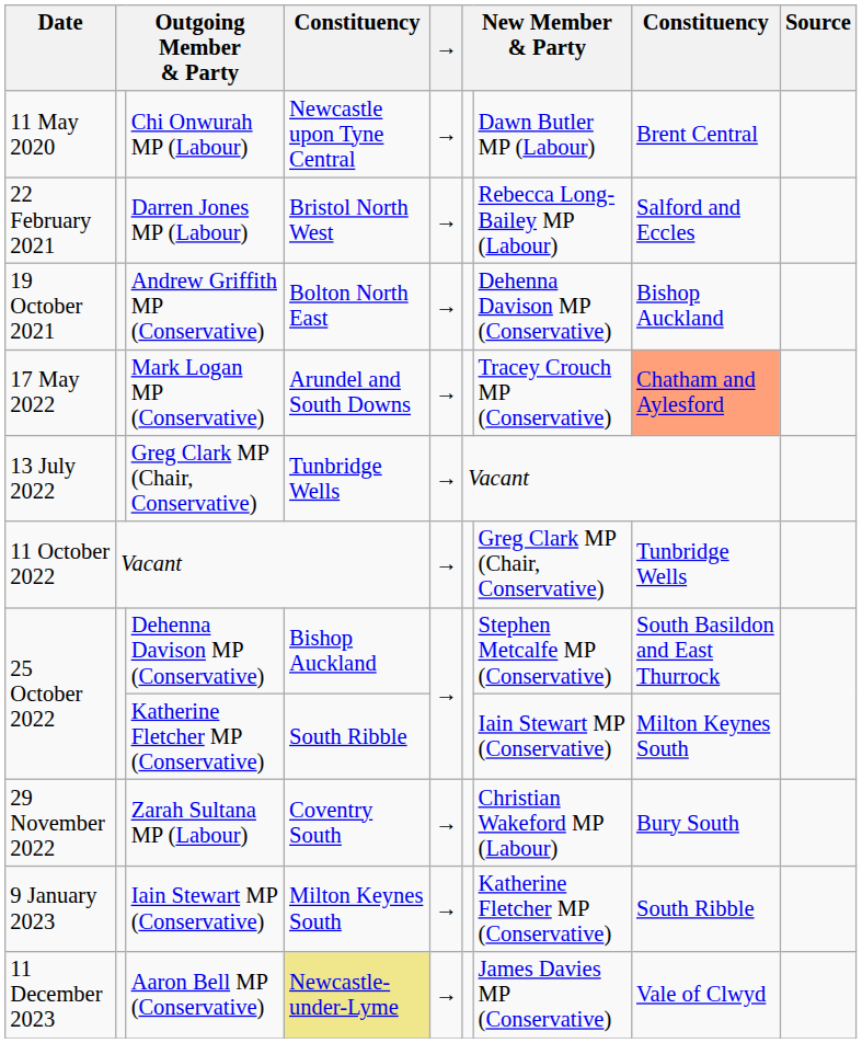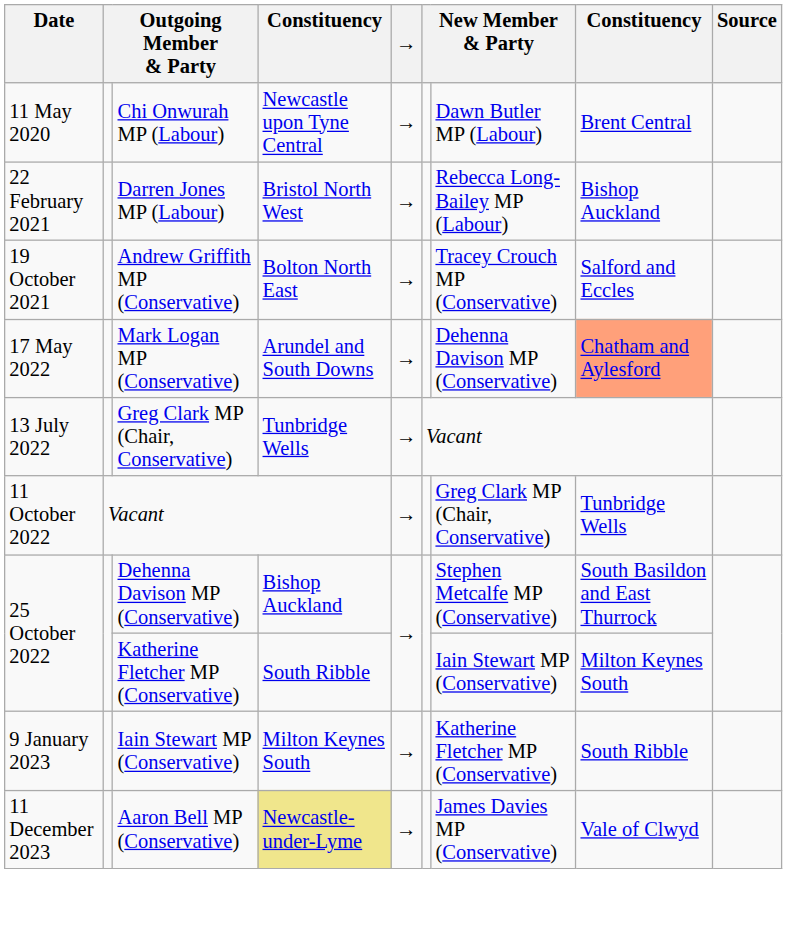 <table class="wikitable">
 <tr>
 <th valign="top">Date</th>
 <th colspan="2" valign="top">Outgoing Member<br>& Party</th>
 <th valign="top">Constituency</th>
 <th>→</th>
 <th colspan="2" valign="top">New Member<br>& Party</th>
 <th valign="top">Constituency</th>
 <th valign="top">Source</th>
 </tr>
 <tr>
 <td>11 May 2020</td>
 <td style="color:inherit;background:"></td>
 <td><a href='#'>Chi Onwurah</a> MP (<a href='#'>Labour</a>)</td>
 <td><a href='#'>Newcastle upon Tyne Central</a></td>
 <td>→</td>
 <td style="color:inherit;background:"></td>
 <td><a href='#'>Dawn Butler</a> MP (<a href='#'>Labour</a>)</td>
 <td><a href='#'>Brent Central</a></td>
 <td></td>
 </tr>
 <tr>
 <td>22 February 2021</td>
 <td style="color:inherit;background:"></td>
 <td><a href='#'>Darren Jones</a> MP (<a href='#'>Labour</a>)</td>
 <td><a href='#'>Bristol North West</a></td>
 <td>→</td>
 <td style="color:inherit;background:"></td>
 <td><a href='#'>Rebecca Long-Bailey</a> MP (<a href='#'>Labour</a>)</td>
-<td><a href='#'>Salford and Eccles</a></td>
+<td><a href='#'>Bishop Auckland</a></td>
 <td></td>
 </tr>
 <tr>
 <td>19 October 2021</td>
 <td style="color:inherit;background:"></td>
 <td><a href='#'>Andrew Griffith</a> MP (<a href='#'>Conservative</a>)</td>
 <td><a href='#'>Bolton North East</a></td>
 <td>→</td>
 <td style="color:inherit;background:"></td>
-<td><a href='#'>Dehenna Davison</a> MP (<a href='#'>Conservative</a>)</td>
-<td><a href='#'>Bishop Auckland</a></td>
+<td><a href='#'>Tracey Crouch</a> MP (<a href='#'>Conservative</a>)</td>
+<td><a href='#'>Salford and Eccles</a></td>
 <td></td>
 </tr>
 <tr>
 <td>17 May 2022</td>
 <td style="color:inherit;background:"></td>
 <td><a href='#'>Mark Logan</a> MP (<a href='#'>Conservative</a>)</td>
 <td><a href='#'>Arundel and South Downs</a></td>
 <td>→</td>
 <td style="color:inherit;background:"></td>
-<td><a href='#'>Tracey Crouch</a> MP (<a href='#'>Conservative</a>)</td>
+<td><a href='#'>Dehenna Davison</a> MP (<a href='#'>Conservative</a>)</td>
 <td style="background: lightsalmon;"><a href='#'>Chatham and Aylesford</a></td>
 <td></td>
 </tr>
 <tr>
 <td>13 July 2022</td>
 <td style="color:inherit;background:"></td>
 <td><a href='#'>Greg Clark</a> MP (Chair, <a href='#'>Conservative</a>)</td>
 <td><a href='#'>Tunbridge Wells</a></td>
 <td>→</td>
 <td colspan=3><em>Vacant</em></td>
 <td></td>
 </tr>
 <tr>
 <td>11 October 2022</td>
 <td colspan=3><em>Vacant</em></td>
 <td>→</td>
 <td style="color:inherit;background:"></td>
 <td><a href='#'>Greg Clark</a> MP (Chair, <a href='#'>Conservative</a>)</td>
 <td><a href='#'>Tunbridge Wells</a></td>
 <td></td>
 </tr>
 <tr>
 <td rowspan=2>25 October 2022</td>
 <td rowspan=2 style="color:inherit;background:"></td>
 <td><a href='#'>Dehenna Davison</a> MP (<a href='#'>Conservative</a>)</td>
 <td><a href='#'>Bishop Auckland</a></td>
 <td rowspan=2>→</td>
 <td rowspan=2 style="color:inherit;background:"></td>
 <td><a href='#'>Stephen Metcalfe</a> MP (<a href='#'>Conservative</a>)</td>
 <td><a href='#'>South Basildon and East Thurrock</a></td>
 <td rowspan=2></td>
 </tr>
 <tr>
 <td><a href='#'>Katherine Fletcher</a> MP (<a href='#'>Conservative</a>)</td>
 <td><a href='#'>South Ribble</a></td>
 <td><a href='#'>Iain Stewart</a> MP (<a href='#'>Conservative</a>)</td>
 <td><a href='#'>Milton Keynes South</a></td>
 </tr>
 <tr>
-<td>29 November 2022</td>
-<td style="color:inherit;background:"></td>
-<td><a href='#'>Zarah Sultana</a> MP (<a href='#'>Labour</a>)</td>
-<td><a href='#'>Coventry South</a></td>
-<td>→</td>
-<td style="color:inherit;background:"></td>
-<td><a href='#'>Christian Wakeford</a> MP (<a href='#'>Labour</a>)</td>
-<td><a href='#'>Bury South</a></td>
-<td></td>
-</tr>
-<tr>
 <td>9 January 2023</td>
 <td style="color:inherit;background:"></td>
 <td><a href='#'>Iain Stewart</a> MP (<a href='#'>Conservative</a>)</td>
 <td><a href='#'>Milton Keynes South</a></td>
 <td>→</td>
 <td style="color:inherit;background:"></td>
 <td><a href='#'>Katherine Fletcher</a> MP (<a href='#'>Conservative</a>)</td>
 <td><a href='#'>South Ribble</a></td>
 <td></td>
 </tr>
 <tr>
 <td>11 December 2023</td>
 <td style="color:inherit;background:"></td>
 <td><a href='#'>Aaron Bell</a> MP (<a href='#'>Conservative</a>)</td>
 <td style="background: khaki;"><a href='#'>Newcastle-under-Lyme</a></td>
 <td>→</td>
 <td style="color:inherit;background:"></td>
 <td><a href='#'>James Davies</a> MP (<a href='#'>Conservative</a>)</td>
 <td><a href='#'>Vale of Clwyd</a></td>
 <td></td>
 </tr>
 </table>
